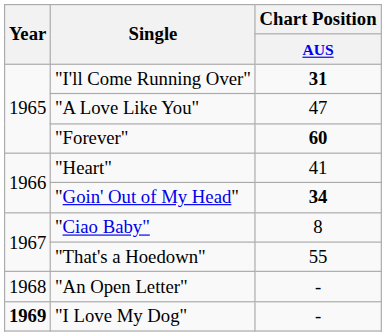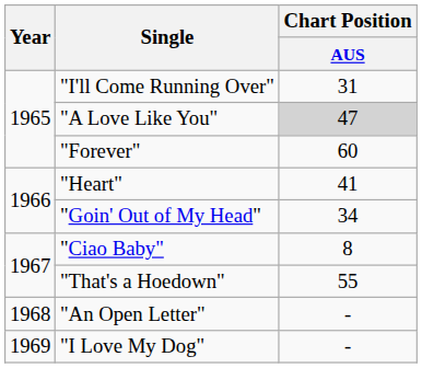 <table class="wikitable">
 <tr>
 <th rowspan="2">Year</th>
 <th rowspan="2">Single</th>
 <th colspan="1">Chart Position</th>
 </tr>
 <tr>
 <th><small><a href='#'>AUS</a></small></th>
 </tr>
 <tr>
 <td rowspan="3">1965</td>
 <td>"I'll Come Running Over"</td>
-<td align="center"><strong>31</strong></td>
+<td align="center">31</td>
 </tr>
 <tr>
 <td>"A Love Like You"</td>
-<td align="center">47</td>
+<td align="center" style="background: lightgrey;">47</td>
 </tr>
 <tr>
 <td>"Forever"</td>
-<td align="center"><strong>60</strong></td>
+<td align="center">60</td>
 </tr>
 <tr>
 <td rowspan="2">1966</td>
 <td>"Heart"</td>
 <td align="center">41</td>
 </tr>
 <tr>
 <td>"<a href='#'>Goin' Out of My Head</a>"</td>
-<td align="center"><strong>34</strong></td>
+<td align="center">34</td>
 </tr>
 <tr>
 <td rowspan="2">1967</td>
 <td>"<a href='#'>Ciao Baby"</a></td>
 <td align="center">8</td>
 </tr>
 <tr>
 <td>"That's a Hoedown"</td>
 <td align="center">55</td>
 </tr>
 <tr>
 <td rowspan="1">1968</td>
 <td>"An Open Letter"</td>
 <td align="center">-</td>
 </tr>
 <tr>
-<td rowspan="1"><strong>1969</strong></td>
+<td rowspan="1">1969</td>
 <td>"I Love My Dog"</td>
 <td align="center">-</td>
 </tr>
 </table>
